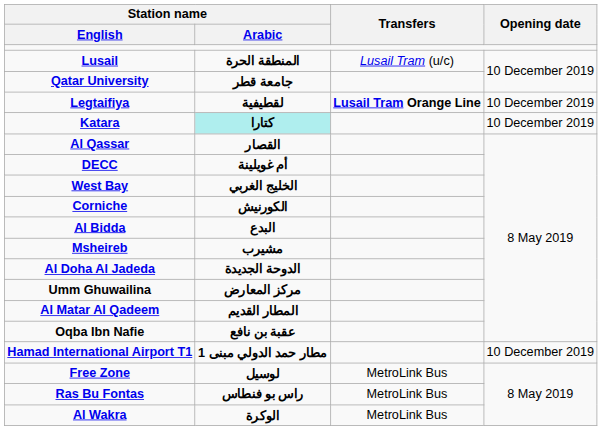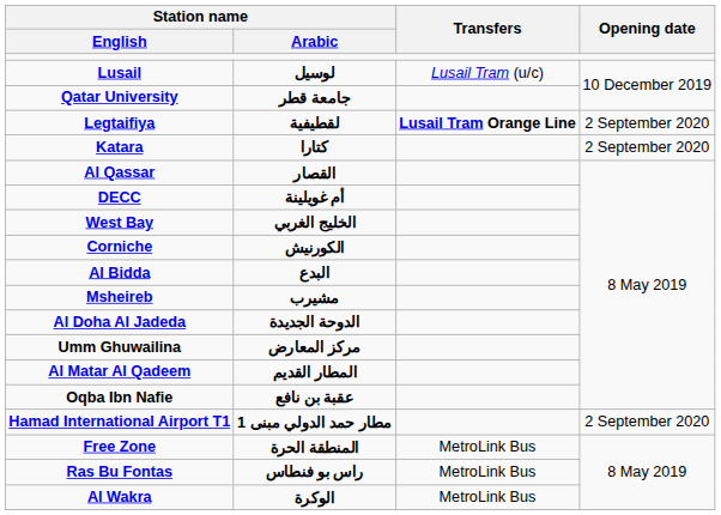 <table class="wikitable"  style="text-align:center;">
 <tr>
 <th colspan="2">Station name</th>
 <th rowspan="2">Transfers</th>
 <th rowspan="2">Opening date</th>
 </tr>
 <tr>
 <th><a href='#'>English</a></th>
 <th><a href='#'>Arabic</a></th>
 </tr>
 <tr style="background:#">
 <td colspan="10"></td>
 </tr>
 <tr>
 <td><strong><a href='#'>Lusail</a></strong></td>
-<td><strong>المنطقة الحرة</strong></td>
+<td><strong>لوسيل</strong></td>
 <td><em><a href='#'>Lusail Tram</a></em> (u/c)</td>
 <td rowspan="2">10 December 2019</td>
 </tr>
 <tr>
 <td><strong><a href='#'>Qatar University</a></strong></td>
 <td><strong>جامعة قطر</strong></td>
 <td></td>
 </tr>
 <tr>
 <td><strong><a href='#'>Legtaifiya</a></strong></td>
 <td><strong>لقطيفية</strong></td>
 <td><strong><a href='#'>Lusail Tram</a> Orange Line</strong></td>
-<td>10 December 2019</td>
+<td rowspan="1">2 September 2020</td>
 </tr>
 <tr>
 <td><strong><a href='#'>Katara</a></strong></td>
-<td style="background: paleturquoise;"><strong>كتارا</strong></td>
+<td><strong>كتارا</strong></td>
 <td></td>
-<td>10 December 2019</td>
+<td rowspan="1">2 September 2020</td>
 </tr>
 <tr>
 <td><strong><a href='#'>Al Qassar</a></strong></td>
 <td><strong>القصار</strong></td>
 <td></td>
 <td rowspan="10">8 May 2019</td>
 </tr>
 <tr>
 <td><strong><a href='#'>DECC</a></strong></td>
 <td><strong>أم غويلينة</strong></td>
 <td></td>
 </tr>
 <tr>
 <td><strong><a href='#'>West Bay</a></strong></td>
 <td><strong>الخليج الغربي</strong></td>
 <td></td>
 </tr>
 <tr>
 <td><strong><a href='#'>Corniche</a></strong></td>
 <td><strong>الكورنيش</strong></td>
 <td></td>
 </tr>
 <tr>
 <td><strong><a href='#'>Al Bidda</a></strong></td>
 <td><strong>البدع</strong></td>
 <td></td>
 </tr>
 <tr>
 <td><strong><a href='#'>Msheireb</a></strong></td>
 <td><strong>مشيرب</strong></td>
 <td></td>
 </tr>
 <tr>
 <td><strong><a href='#'>Al Doha Al Jadeda</a></strong></td>
 <td><strong>الدوحة الجديدة</strong></td>
 <td></td>
 </tr>
 <tr>
 <td><strong>Umm Ghuwailina</strong></td>
 <td><strong>مركز المعارض</strong></td>
 <td></td>
 </tr>
 <tr>
 <td><strong><a href='#'>Al Matar Al Qadeem</a></strong></td>
 <td><strong>المطار القديم</strong></td>
 <td></td>
 </tr>
 <tr>
 <td><strong>Oqba Ibn Nafie</strong></td>
 <td><strong>عقبة بن نافع</strong></td>
 <td></td>
 </tr>
 <tr>
 <td><strong><a href='#'>Hamad International Airport T1</a></strong></td>
 <td><strong>مطار حمد الدولي مبنى 1</strong></td>
 <td></td>
-<td>10 December 2019</td>
+<td rowspan="1">2 September 2020</td>
 </tr>
 <tr>
 <td><strong><a href='#'>Free Zone</a></strong></td>
-<td><strong>لوسيل</strong></td>
+<td><strong>المنطقة الحرة</strong></td>
 <td>MetroLink Bus</td>
 <td rowspan="3">8 May 2019</td>
 </tr>
 <tr>
 <td><strong><a href='#'>Ras Bu Fontas</a></strong></td>
 <td><strong>راس بو فنطاس</strong></td>
 <td>MetroLink Bus</td>
 </tr>
 <tr>
 <td><strong><a href='#'>Al Wakra</a></strong></td>
 <td><strong>الوكرة</strong></td>
 <td>MetroLink Bus</td>
 </tr>
 </table>
